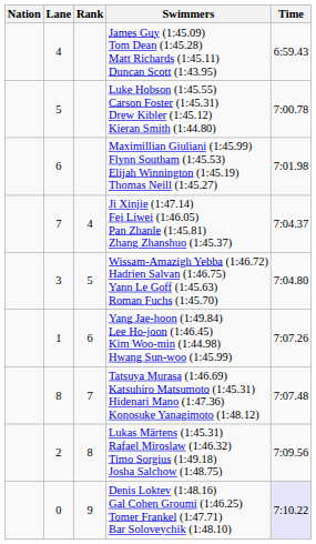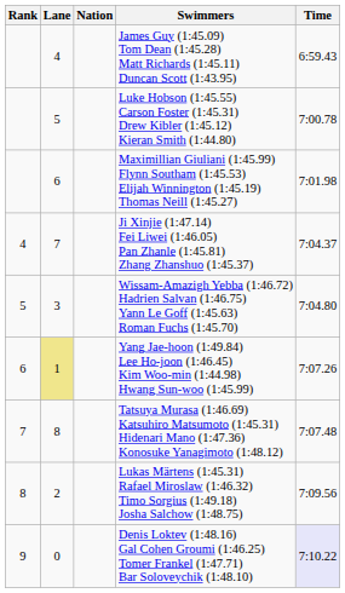 <table class="wikitable sortable mw-collapsible" style="text-align:center">
 <tr>
+<th scope="col">Rank</th>
+<th scope="col">Lane</th>
 <th scope="col">Nation</th>
-<th scope="col">Lane</th>
-<th scope="col">Rank</th>
 <th scope="col">Swimmers</th>
 <th scope="col">Time</th>
 </tr>
 <tr>
+<td></td>
+<td>4</td>
 <td align="left" valign="middle"></td>
-<td>4</td>
-<td></td>
 <td align="left" valighn="top"><a href='#'>James Guy</a> (1:45.09)<br><a href='#'>Tom Dean</a> (1:45.28)<br><a href='#'>Matt Richards</a> (1:45.11)<br><a href='#'>Duncan Scott</a> (1:43.95)</td>
 <td>6:59.43</td>
 </tr>
 <tr>
+<td></td>
+<td>5</td>
 <td align="left" valign="middle"></td>
-<td>5</td>
-<td></td>
 <td align="left" valighn="top"><a href='#'>Luke Hobson</a> (1:45.55)<br><a href='#'>Carson Foster</a> (1:45.31)<br><a href='#'>Drew Kibler</a> (1:45.12)<br><a href='#'>Kieran Smith</a> (1:44.80)</td>
 <td>7:00.78</td>
 </tr>
 <tr>
+<td></td>
+<td>6</td>
 <td align="left" valign="middle"></td>
-<td>6</td>
-<td></td>
 <td align="left" valighn="top"><a href='#'>Maximillian Giuliani</a> (1:45.99)<br><a href='#'>Flynn Southam</a> (1:45.53)<br><a href='#'>Elijah Winnington</a> (1:45.19)<br><a href='#'>Thomas Neill</a> (1:45.27)</td>
 <td>7:01.98</td>
 </tr>
 <tr>
+<td>4</td>
+<td>7</td>
 <td align="left" valign="middle"></td>
-<td>7</td>
-<td>4</td>
 <td align="left" valighn="top"><a href='#'>Ji Xinjie</a> (1:47.14)<br><a href='#'>Fei Liwei</a> (1:46.05)<br><a href='#'>Pan Zhanle</a> (1:45.81)<br><a href='#'>Zhang Zhanshuo</a> (1:45.37)</td>
 <td>7:04.37</td>
 </tr>
 <tr>
+<td>5</td>
+<td>3</td>
 <td align="left" valign="middle"></td>
-<td>3</td>
-<td>5</td>
 <td align="left" valighn="top"><a href='#'>Wissam-Amazigh Yebba</a> (1:46.72)<br><a href='#'>Hadrien Salvan</a> (1:46.75)<br><a href='#'>Yann Le Goff</a> (1:45.63)<br><a href='#'>Roman Fuchs</a> (1:45.70)</td>
 <td>7:04.80</td>
 </tr>
 <tr>
+<td>6</td>
+<td style="background: khaki;">1</td>
 <td align="left" valign="middle"></td>
-<td>1</td>
-<td>6</td>
 <td align="left" valighn="top"><a href='#'>Yang Jae-hoon</a> (1:49.84)<br><a href='#'>Lee Ho-joon</a> (1:46.45)<br><a href='#'>Kim Woo-min</a> (1:44.98)<br><a href='#'>Hwang Sun-woo</a> (1:45.99)</td>
 <td>7:07.26</td>
 </tr>
 <tr>
+<td>7</td>
+<td>8</td>
 <td align="left" valign="middle"></td>
-<td>8</td>
-<td>7</td>
 <td align="left" valighn="top"><a href='#'>Tatsuya Murasa</a> (1:46.69)<br><a href='#'>Katsuhiro Matsumoto</a> (1:45.31)<br><a href='#'>Hidenari Mano</a> (1:47.36)<br><a href='#'>Konosuke Yanagimoto</a> (1:48.12)</td>
 <td>7:07.48</td>
 </tr>
 <tr>
+<td>8</td>
+<td>2</td>
 <td align="left" valign="middle"></td>
-<td>2</td>
-<td>8</td>
 <td align="left" valighn="top"><a href='#'>Lukas Märtens</a> (1:45.31)<br><a href='#'>Rafael Miroslaw</a> (1:46.32)<br><a href='#'>Timo Sorgius</a> (1:49.18)<br><a href='#'>Josha Salchow</a> (1:48.75)</td>
 <td>7:09.56</td>
 </tr>
 <tr>
+<td>9</td>
+<td>0</td>
 <td align="left" valign="middle"></td>
-<td>0</td>
-<td>9</td>
 <td align="left" valighn="top"><a href='#'>Denis Loktev</a> (1:48.16)<br><a href='#'>Gal Cohen Groumi</a> (1:46.25)<br><a href='#'>Tomer Frankel</a> (1:47.71)<br><a href='#'>Bar Soloveychik</a> (1:48.10)</td>
 <td style="background: lavender;">7:10.22</td>
 </tr>
 </table>
